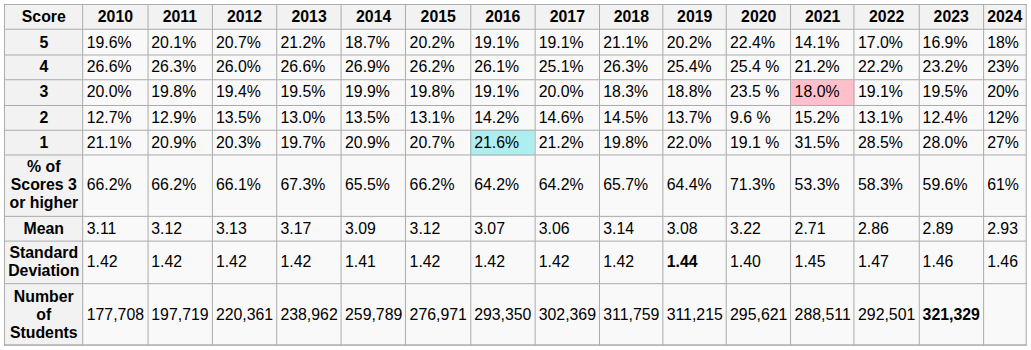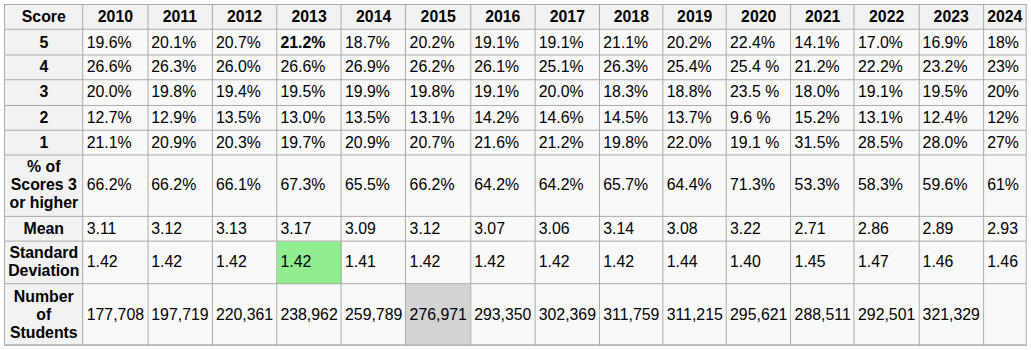 <table class="wikitable" border="1">
 <tr>
 <th>Score</th>
 <th>2010</th>
 <th>2011</th>
 <th>2012</th>
 <th>2013</th>
 <th>2014</th>
 <th>2015</th>
 <th>2016</th>
 <th>2017</th>
 <th>2018</th>
 <th>2019</th>
 <th>2020</th>
 <th>2021</th>
 <th>2022</th>
 <th>2023</th>
 <th>2024</th>
 </tr>
 <tr>
 <th>5</th>
 <td>19.6%</td>
 <td>20.1%</td>
 <td>20.7%</td>
-<td>21.2%</td>
+<td><strong>21.2%</strong></td>
 <td>18.7%</td>
 <td>20.2%</td>
 <td>19.1%</td>
 <td>19.1%</td>
 <td>21.1%</td>
 <td>20.2%</td>
 <td>22.4%</td>
 <td>14.1%</td>
 <td>17.0%</td>
 <td>16.9%</td>
 <td>18%</td>
 </tr>
 <tr>
 <th>4</th>
 <td>26.6%</td>
 <td>26.3%</td>
 <td>26.0%</td>
 <td>26.6%</td>
 <td>26.9%</td>
 <td>26.2%</td>
 <td>26.1%</td>
 <td>25.1%</td>
 <td>26.3%</td>
 <td>25.4%</td>
 <td>25.4 %</td>
 <td>21.2%</td>
 <td>22.2%</td>
 <td>23.2%</td>
 <td>23%</td>
 </tr>
 <tr>
 <th>3</th>
 <td>20.0%</td>
 <td>19.8%</td>
 <td>19.4%</td>
 <td>19.5%</td>
 <td>19.9%</td>
 <td>19.8%</td>
 <td>19.1%</td>
 <td>20.0%</td>
 <td>18.3%</td>
 <td>18.8%</td>
 <td>23.5 %</td>
-<td style="background: pink;">18.0%</td>
+<td>18.0%</td>
 <td>19.1%</td>
 <td>19.5%</td>
 <td>20%</td>
 </tr>
 <tr>
 <th>2</th>
 <td>12.7%</td>
 <td>12.9%</td>
 <td>13.5%</td>
 <td>13.0%</td>
 <td>13.5%</td>
 <td>13.1%</td>
 <td>14.2%</td>
 <td>14.6%</td>
 <td>14.5%</td>
 <td>13.7%</td>
 <td>9.6 %</td>
 <td>15.2%</td>
 <td>13.1%</td>
 <td>12.4%</td>
 <td>12%</td>
 </tr>
 <tr>
 <th>1</th>
 <td>21.1%</td>
 <td>20.9%</td>
 <td>20.3%</td>
 <td>19.7%</td>
 <td>20.9%</td>
 <td>20.7%</td>
-<td style="background: paleturquoise;">21.6%</td>
+<td>21.6%</td>
 <td>21.2%</td>
 <td>19.8%</td>
 <td>22.0%</td>
 <td>19.1 %</td>
 <td>31.5%</td>
 <td>28.5%</td>
 <td>28.0%</td>
 <td>27%</td>
 </tr>
 <tr>
 <th>% of Scores 3 or higher</th>
 <td>66.2%</td>
 <td>66.2%</td>
 <td>66.1%</td>
 <td>67.3%</td>
 <td>65.5%</td>
 <td>66.2%</td>
 <td>64.2%</td>
 <td>64.2%</td>
 <td>65.7%</td>
 <td>64.4%</td>
 <td>71.3%</td>
 <td>53.3%</td>
 <td>58.3%</td>
 <td>59.6%</td>
 <td>61%</td>
 </tr>
 <tr>
 <th>Mean</th>
 <td>3.11</td>
 <td>3.12</td>
 <td>3.13</td>
 <td>3.17</td>
 <td>3.09</td>
 <td>3.12</td>
 <td>3.07</td>
 <td>3.06</td>
 <td>3.14</td>
 <td>3.08</td>
 <td>3.22</td>
 <td>2.71</td>
 <td>2.86</td>
 <td>2.89</td>
 <td>2.93</td>
 </tr>
 <tr>
 <th>Standard Deviation</th>
 <td>1.42</td>
 <td>1.42</td>
 <td>1.42</td>
-<td>1.42</td>
+<td style="background: lightgreen;">1.42</td>
 <td>1.41</td>
 <td>1.42</td>
 <td>1.42</td>
 <td>1.42</td>
 <td>1.42</td>
-<td><strong>1.44</strong></td>
+<td>1.44</td>
 <td>1.40</td>
 <td>1.45</td>
 <td>1.47</td>
 <td>1.46</td>
 <td>1.46</td>
 </tr>
 <tr>
 <th>Number of Students</th>
 <td>177,708</td>
 <td>197,719</td>
 <td>220,361</td>
 <td>238,962</td>
 <td>259,789</td>
-<td>276,971</td>
+<td style="background: lightgrey;">276,971</td>
 <td>293,350</td>
 <td>302,369</td>
 <td>311,759</td>
 <td>311,215</td>
 <td>295,621</td>
 <td>288,511</td>
 <td>292,501</td>
-<td><strong>321,329</strong></td>
+<td>321,329</td>
 <td></td>
 </tr>
 <tr>
 </tr>
 </table>
